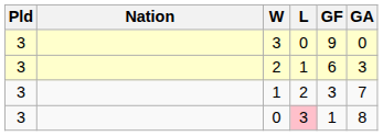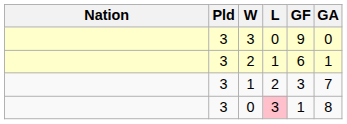 <table class=wikitable style="text-align:center">
 <tr>
+<th width=220>Nation</th>
 <th width=20>Pld</th>
-<th width=220>Nation</th>
 <th width=20>W</th>
 <th width=20>L</th>
 <th width=20>GF</th>
 <th width=20>GA</th>
 </tr>
 <tr bgcolor=#ffffcc>
+<td align=left></td>
 <td>3</td>
-<td align=left></td>
 <td>3</td>
 <td>0</td>
 <td>9</td>
 <td>0</td>
 </tr>
 <tr bgcolor=#ffffcc>
+<td align=left></td>
 <td>3</td>
-<td align=left></td>
 <td>2</td>
 <td>1</td>
 <td>6</td>
-<td>3</td>
+<td>1</td>
 </tr>
 <tr>
+<td align=left></td>
 <td>3</td>
-<td align=left></td>
 <td>1</td>
 <td>2</td>
 <td>3</td>
 <td>7</td>
 </tr>
 <tr>
+<td align=left></td>
 <td>3</td>
-<td align=left></td>
 <td>0</td>
 <td style="background: pink;">3</td>
 <td>1</td>
 <td>8</td>
 </tr>
 </table>
